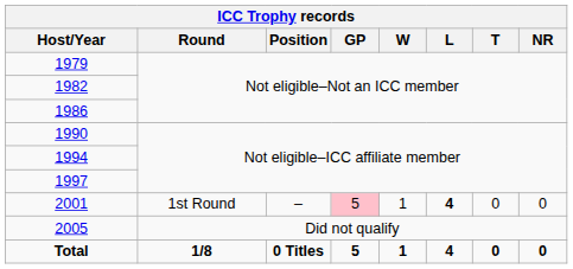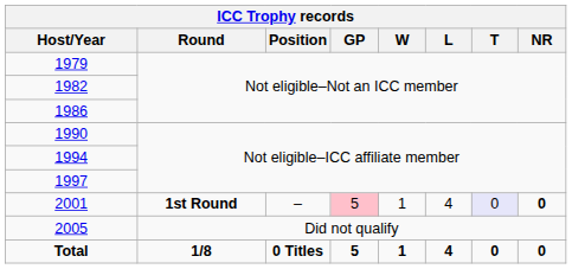 <table class="wikitable" style="text-align: center;">
 <tr>
 <th colspan=8><a href='#'>ICC Trophy</a> records</th>
 </tr>
 <tr>
 <th width=150>Host/Year</th>
 <th width=150>Round</th>
 <th width=50>Position</th>
 <th width=50>GP</th>
 <th width=50>W</th>
 <th width=50>L</th>
 <th width=50>T</th>
 <th width=50>NR</th>
 </tr>
 <tr>
 <td> <a href='#'>1979</a></td>
 <td rowspan=3 colspan=8>Not eligible–Not an ICC member</td>
 </tr>
 <tr>
 <td> <a href='#'>1982</a></td>
 </tr>
 <tr>
 <td> <a href='#'>1986</a></td>
 </tr>
 <tr>
 <td> <a href='#'>1990</a></td>
 <td rowspan=3 colspan=8>Not eligible–ICC affiliate member</td>
 </tr>
 <tr>
 <td> <a href='#'>1994</a></td>
 </tr>
 <tr>
 <td> <a href='#'>1997</a></td>
 </tr>
 <tr>
 <td> <a href='#'>2001</a></td>
-<td>1st Round</td>
+<td><strong>1st Round</strong></td>
 <td>–</td>
 <td style="background: pink;">5</td>
 <td>1</td>
-<td><strong>4</strong></td>
-<td>0</td>
-<td>0</td>
+<td>4</td>
+<td style="background: lavender;">0</td>
+<td><strong>0</strong></td>
 </tr>
 <tr>
 <td> <a href='#'>2005</a></td>
 <td colspan=8>Did not qualify</td>
 </tr>
 <tr>
 <td><strong>Total</strong></td>
 <td><strong>1/8</strong></td>
 <td><strong>0 Titles</strong></td>
 <td><strong>5</strong></td>
 <td><strong>1</strong></td>
 <td><strong>4</strong></td>
 <td><strong>0</strong></td>
 <td><strong>0</strong></td>
 </tr>
 </table>
